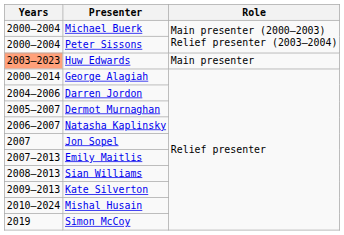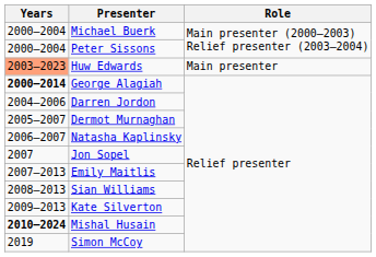 <table class="wikitable">
 <tr>
 <th>Years</th>
 <th>Presenter</th>
 <th>Role</th>
 </tr>
 <tr>
 <td>2000–2004</td>
 <td><a href='#'>Michael Buerk</a></td>
 <td colspan="2" rowspan="2">Main presenter (2000–2003)<br>Relief presenter (2003–2004)</td>
 </tr>
 <tr>
 <td>2000–2004</td>
 <td><a href='#'>Peter Sissons</a></td>
 </tr>
 <tr>
 <td style="background: lightsalmon;">2003–2023</td>
 <td><a href='#'>Huw Edwards</a></td>
 <td>Main presenter</td>
 </tr>
 <tr>
-<td>2000–2014</td>
+<td><strong>2000–2014</strong></td>
 <td><a href='#'>George Alagiah</a></td>
 <td rowspan="10">Relief presenter</td>
 </tr>
 <tr>
 <td>2004–2006</td>
 <td><a href='#'>Darren Jordon</a></td>
 </tr>
 <tr>
 <td>2005–2007</td>
 <td><a href='#'>Dermot Murnaghan</a></td>
 </tr>
 <tr>
 <td>2006–2007</td>
 <td><a href='#'>Natasha Kaplinsky</a></td>
 </tr>
 <tr>
 <td>2007</td>
 <td><a href='#'>Jon Sopel</a></td>
 </tr>
 <tr>
 <td>2007–2013</td>
 <td><a href='#'>Emily Maitlis</a></td>
 </tr>
 <tr>
 <td>2008–2013</td>
 <td><a href='#'>Sian Williams</a></td>
 </tr>
 <tr>
 <td>2009–2013</td>
 <td><a href='#'>Kate Silverton</a></td>
 </tr>
 <tr>
-<td>2010–2024</td>
+<td><strong>2010–2024</strong></td>
 <td><a href='#'>Mishal Husain</a></td>
 </tr>
 <tr>
 <td>2019</td>
 <td><a href='#'>Simon McCoy</a></td>
 </tr>
 </table>
